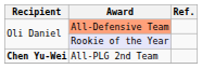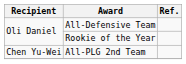 <table class="wikitable">
 <tr>
 <th>Recipient</th>
 <th>Award</th>
 <th>Ref.</th>
 </tr>
 <tr>
 <td rowspan=2>Oli Daniel</td>
-<td style="background: lightsalmon;">All-Defensive Team</td>
+<td>All-Defensive Team</td>
 <td></td>
 </tr>
 <tr>
-<td style="background: lavender;">Rookie of the Year</td>
+<td>Rookie of the Year</td>
 <td></td>
 </tr>
 <tr>
-<td><strong>Chen Yu-Wei</strong></td>
+<td>Chen Yu-Wei</td>
 <td>All-PLG 2nd Team</td>
 <td></td>
 </tr>
 <tr>
 </tr>
 </table>
